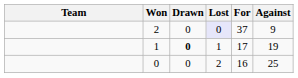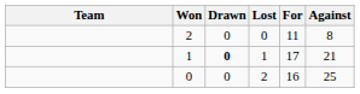 <table class="wikitable">
 <tr>
 <th width="200" bgcolor="#efefef">Team</th>
 <th width="20" bgcolor="#efefef">Won</th>
 <th width="20" bgcolor="#efefef">Drawn</th>
 <th width="20" bgcolor="#efefef">Lost</th>
 <th width="20" bgcolor="#efefef">For</th>
 <th width="20" bgcolor="#efefef">Against</th>
 </tr>
 <tr align="center">
 <td align="left"></td>
 <td>2</td>
 <td>0</td>
-<td style="background: lavender;">0</td>
-<td>37</td>
-<td>9</td>
+<td>0</td>
+<td>11</td>
+<td>8</td>
 </tr>
 <tr align="center">
 <td align="left"></td>
 <td>1</td>
 <td><strong>0</strong></td>
 <td>1</td>
 <td>17</td>
-<td>19</td>
+<td>21</td>
 </tr>
 <tr align="center">
 <td align="left"></td>
 <td>0</td>
 <td>0</td>
 <td>2</td>
 <td>16</td>
 <td>25</td>
 </tr>
 </table>
